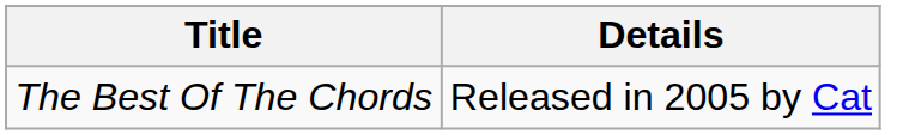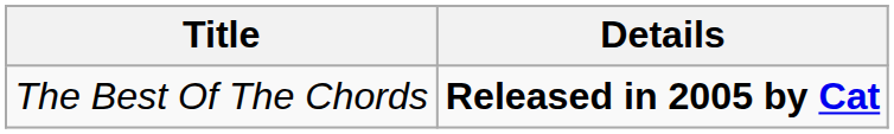 <table class="wikitable">
 <tr>
 <th><strong>Title</strong></th>
 <th><strong>Details</strong></th>
 </tr>
 <tr>
 <td><em>The Best Of The Chords</em></td>
-<td>Released in 2005 by <a href='#'>Cat</a></td>
+<td><strong>Released in 2005 by <a href='#'>Cat</a></strong></td>
 </tr>
 </table>
